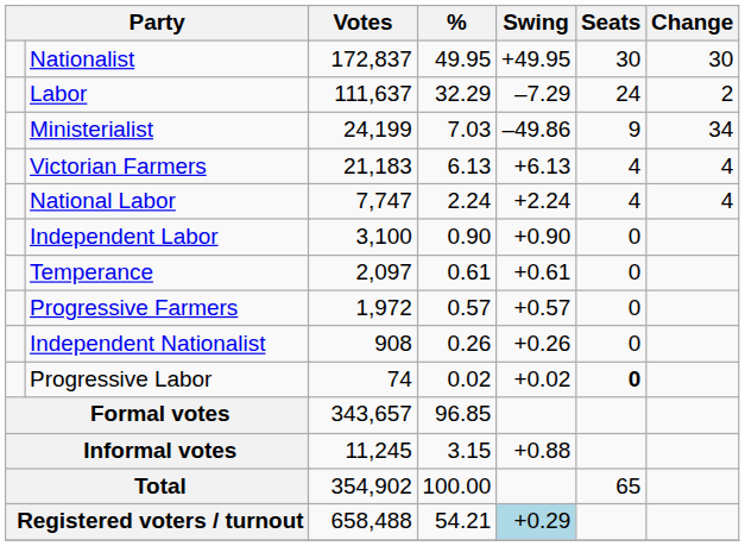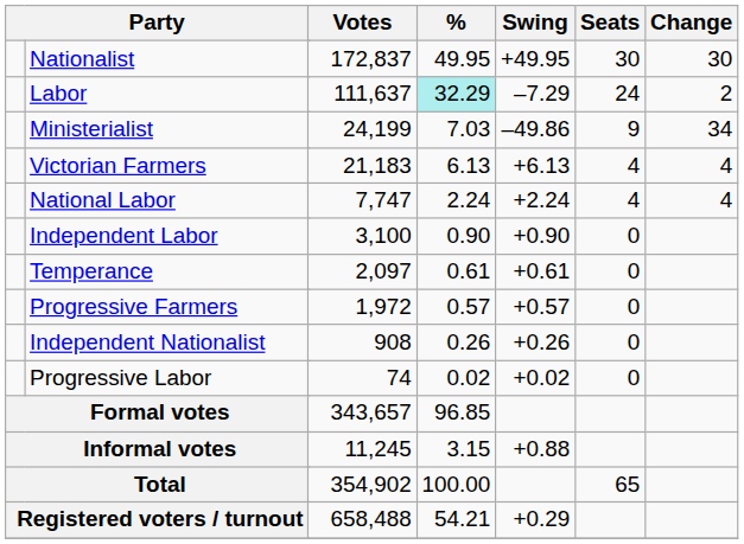 <table class="wikitable" style="text-align:right; margin-bottom:0">
 <tr>
 <th style="width:10px;" colspan=3>Party</th>
 <th style="width:70px;">Votes</th>
 <th style="width:40px;">%</th>
 <th style="width:40px;">Swing</th>
 <th style="width:40px;">Seats</th>
 <th style="width:40px;">Change</th>
 </tr>
 <tr>
 <td> </td>
 <td style="text-align:left;" colspan="2"><a href='#'>Nationalist</a></td>
 <td style="width:70px;">172,837</td>
 <td style="width:40px;">49.95</td>
 <td style="width:45px;">+49.95</td>
 <td style="width:40px;">30</td>
 <td style="width:55px;"> 30</td>
 </tr>
 <tr>
 <td> </td>
 <td style="text-align:left;" colspan="2"><a href='#'>Labor</a></td>
 <td style="width:70px;">111,637</td>
-<td style="width:40px;">32.29</td>
+<td style="background: paleturquoise; width:40px;">32.29</td>
 <td style="width:45px;">–7.29</td>
 <td style="width:40px;">24</td>
 <td style="width:55px;"> 2</td>
 </tr>
 <tr>
 <td> </td>
 <td style="text-align:left;" colspan="2"><a href='#'>Ministerialist</a></td>
 <td>24,199</td>
 <td>7.03</td>
 <td>–49.86</td>
 <td>9</td>
 <td> 34</td>
 </tr>
 <tr>
 <td> </td>
 <td style="text-align:left;" colspan="2"><a href='#'>Victorian Farmers</a></td>
 <td>21,183</td>
 <td>6.13</td>
 <td>+6.13</td>
 <td>4</td>
 <td> 4</td>
 </tr>
 <tr>
 <td> </td>
 <td style="text-align:left;" colspan="2"><a href='#'>National Labor</a></td>
 <td>7,747</td>
 <td>2.24</td>
 <td>+2.24</td>
 <td>4</td>
 <td> 4</td>
 </tr>
 <tr>
 <td> </td>
 <td style="text-align:left;" colspan="2"><a href='#'>Independent Labor</a></td>
 <td>3,100</td>
 <td>0.90</td>
 <td>+0.90</td>
 <td>0</td>
 <td></td>
 </tr>
 <tr>
 <td> </td>
 <td style="text-align:left;" colspan="2"><a href='#'>Temperance</a></td>
 <td>2,097</td>
 <td>0.61</td>
 <td>+0.61</td>
 <td>0</td>
 <td></td>
 </tr>
 <tr>
 <td> </td>
 <td style="text-align:left;" colspan="2"><a href='#'>Progressive Farmers</a></td>
 <td>1,972</td>
 <td>0.57</td>
 <td>+0.57</td>
 <td>0</td>
 <td></td>
 </tr>
 <tr>
 <td> </td>
 <td style="text-align:left;" colspan="2"><a href='#'>Independent Nationalist</a></td>
 <td style="width:70px;">908</td>
 <td style="width:40px;">0.26</td>
 <td style="width:45px;">+0.26</td>
 <td style="width:40px;">0</td>
 <td style="width:55px;"></td>
 </tr>
 <tr>
 <td> </td>
 <td style="text-align:left;" colspan="2">Progressive Labor</td>
 <td style="width:70px;">74</td>
 <td style="width:40px;">0.02</td>
 <td style="width:45px;">+0.02</td>
-<td style="width:40px;"><strong>0</strong></td>
+<td style="width:40px;">0</td>
 <td style="width:55px;"></td>
 </tr>
 <tr>
 <th colspan="3"> Formal votes</th>
 <td>343,657</td>
 <td>96.85</td>
 <td></td>
 <td></td>
 <td></td>
 </tr>
 <tr>
 <th colspan="3"> Informal votes</th>
 <td>11,245</td>
 <td>3.15</td>
 <td>+0.88</td>
 <td></td>
 <td></td>
 </tr>
 <tr>
 <th colspan="3"> Total</th>
 <td>354,902</td>
 <td>100.00</td>
 <td></td>
 <td>65</td>
 <td></td>
 </tr>
 <tr>
 <th colspan="3"> Registered voters / turnout</th>
 <td>658,488</td>
 <td>54.21</td>
-<td style="background: lightblue;">+0.29</td>
+<td>+0.29</td>
 <td></td>
 <td></td>
 </tr>
 <tr>
 </tr>
 </table>
